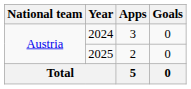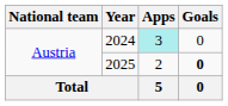 <table class="wikitable" style="text-align:center">
 <tr>
 <th>National team</th>
 <th>Year</th>
 <th>Apps</th>
 <th>Goals</th>
 </tr>
 <tr>
 <td rowspan="2"><a href='#'>Austria</a></td>
 <td>2024</td>
-<td>3</td>
+<td style="background: paleturquoise;">3</td>
 <td>0</td>
 </tr>
 <tr>
 <td>2025</td>
 <td>2</td>
-<td>0</td>
+<td><strong>0</strong></td>
 </tr>
 <tr>
 <th colspan="2">Total</th>
 <th>5</th>
 <th>0</th>
 </tr>
 </table>
